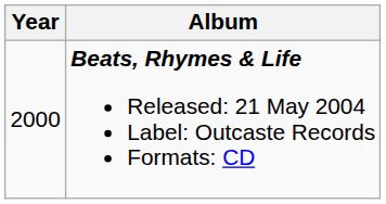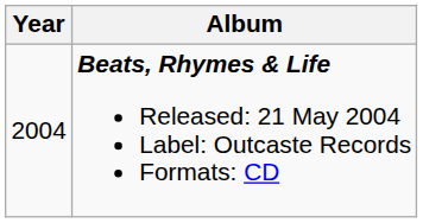 <table class="wikitable plainrowheaders" style="text-align:center;" border="1">
 <tr>
 <th scope="col" rowspan="1">Year</th>
 <th scope="col" rowspan="1">Album</th>
 </tr>
 <tr>
-<td>2000</td>
+<td>2004</td>
 <td style="text-align:left;"><strong><em>Beats, Rhymes & Life</em></strong><br><ul><li>Released: 21 May 2004</li><li>Label: Outcaste Records</li><li>Formats: <a href='#'>CD</a></li></ul></td>
 </tr>
 </table>
